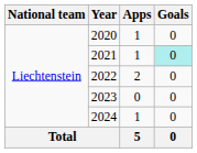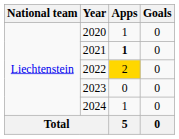 <table class="wikitable" style="text-align:center">
 <tr>
 <th>National team</th>
 <th>Year</th>
 <th>Apps</th>
 <th>Goals</th>
 </tr>
 <tr>
 <td rowspan="5"><a href='#'>Liechtenstein</a></td>
 <td>2020</td>
 <td>1</td>
 <td>0</td>
 </tr>
 <tr>
 <td>2021</td>
-<td>1</td>
-<td style="background: paleturquoise;">0</td>
+<td><strong>1</strong></td>
+<td>0</td>
 </tr>
 <tr>
 <td>2022</td>
-<td>2</td>
+<td style="background: gold;">2</td>
 <td>0</td>
 </tr>
 <tr>
 <td>2023</td>
 <td>0</td>
 <td>0</td>
 </tr>
 <tr>
 <td>2024</td>
 <td>1</td>
 <td>0</td>
 </tr>
 <tr>
 <th colspan="2">Total</th>
 <th>5</th>
 <th>0</th>
 </tr>
 </table>
